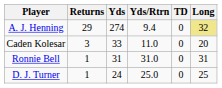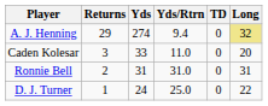 <table class="wikitable sortable sortable" style="text-align: center">
 <tr align=center>
 <th>Player</th>
 <th>Returns</th>
 <th>Yds</th>
 <th>Yds/Rtrn</th>
 <th>TD</th>
 <th>Long</th>
 </tr>
 <tr>
 <td><a href='#'>A. J. Henning</a></td>
 <td>29</td>
 <td>274</td>
 <td>9.4</td>
 <td>0</td>
 <td style="background: khaki;">32</td>
 </tr>
 <tr>
 <td>Caden Kolesar</td>
 <td>3</td>
 <td>33</td>
 <td>11.0</td>
 <td>0</td>
 <td>20</td>
 </tr>
 <tr>
 <td><a href='#'>Ronnie Bell</a></td>
-<td>1</td>
+<td>2</td>
 <td>31</td>
 <td>31.0</td>
 <td>0</td>
 <td>31</td>
 </tr>
 <tr>
 <td><a href='#'>D. J. Turner</a></td>
 <td>1</td>
 <td>24</td>
 <td>25.0</td>
 <td>0</td>
-<td>25</td>
+<td>22</td>
 </tr>
 </table>
